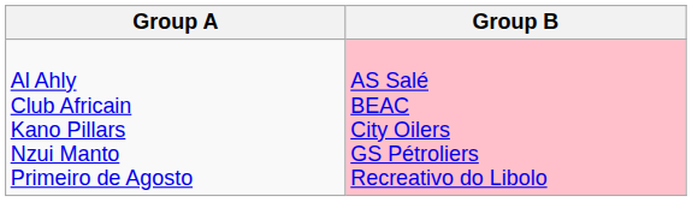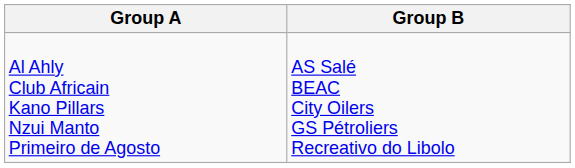 <table class="wikitable" width=40%>
 <tr>
 <th width=175px>Group A</th>
 <th width=175px>Group B</th>
 </tr>
 <tr>
 <td><br> <a href='#'>Al Ahly</a><br>  <a href='#'>Club Africain</a><br>  <a href='#'>Kano Pillars</a><br>  <a href='#'>Nzui Manto</a><br>  <a href='#'>Primeiro de Agosto</a></td>
-<td style="background: pink;"><br> <a href='#'>AS Salé</a><br>  <a href='#'>BEAC</a><br>  <a href='#'>City Oilers</a><br>  <a href='#'>GS Pétroliers</a><br>  <a href='#'>Recreativo do Libolo</a></td>
+<td><br> <a href='#'>AS Salé</a><br>  <a href='#'>BEAC</a><br>  <a href='#'>City Oilers</a><br>  <a href='#'>GS Pétroliers</a><br>  <a href='#'>Recreativo do Libolo</a></td>
 </tr>
 </table>
